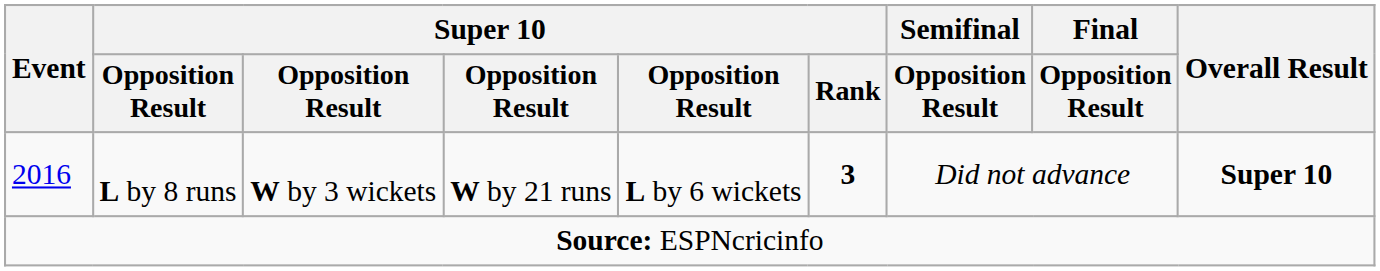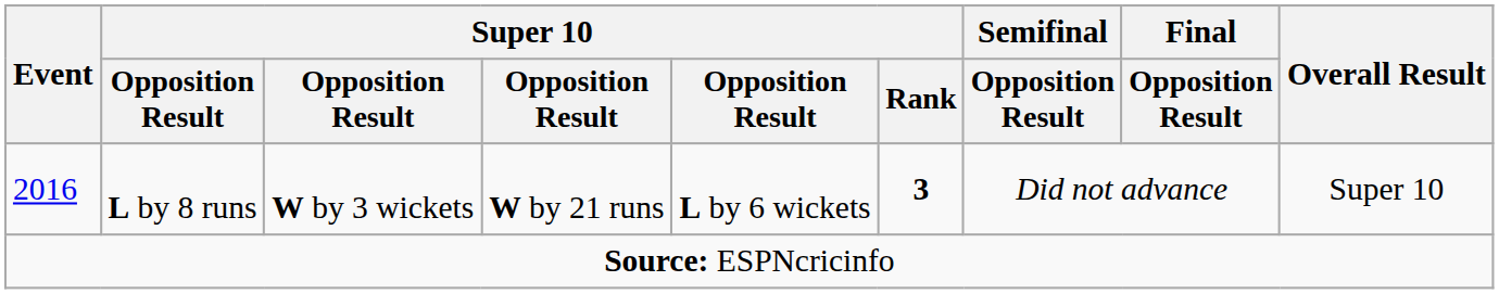 <table class=wikitable style=font-size:90%;text-align:center>
 <tr>
 <th rowspan=2>Event</th>
 <th colspan=5>Super 10</th>
 <th>Semifinal</th>
 <th>Final</th>
 <th rowspan=2>Overall Result</th>
 </tr>
 <tr style=font-size:95%>
 <th>Opposition<br>Result</th>
 <th>Opposition<br>Result</th>
 <th>Opposition<br>Result</th>
 <th>Opposition<br>Result</th>
 <th>Rank</th>
 <th>Opposition<br>Result</th>
 <th>Opposition<br>Result</th>
 </tr>
 <tr>
 <td align=left><a href='#'>2016</a></td>
 <td><br><strong>L</strong> by 8 runs</td>
 <td><br><strong>W</strong> by 3 wickets</td>
 <td><br><strong>W</strong> by 21 runs</td>
 <td><br><strong>L</strong> by 6 wickets</td>
 <td><strong>3</strong></td>
 <td colspan="2"><em>Did not advance</em></td>
-<td><strong>Super 10</strong></td>
+<td>Super 10</td>
 </tr>
 <tr>
 <td colspan="11"><strong>Source:</strong> ESPNcricinfo</td>
 </tr>
 </table>
